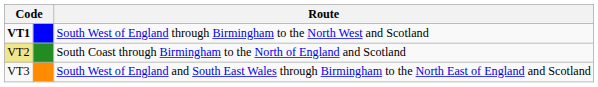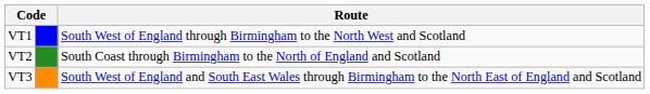 <table class="wikitable">
 <tr>
 <th colspan="2">Code</th>
 <th>Route</th>
 </tr>
 <tr>
-<td><strong>VT1</strong></td>
+<td>VT1</td>
 <td style="background:blue; width:20px;"></td>
 <td><a href='#'>South West of England</a> through <a href='#'>Birmingham</a> to the <a href='#'>North West</a> and Scotland</td>
 </tr>
 <tr>
-<td style="background: khaki;">VT2</td>
+<td>VT2</td>
 <td style="background:#228b22; width:20px;"></td>
 <td>South Coast through <a href='#'>Birmingham</a> to the <a href='#'>North of England</a> and Scotland</td>
 </tr>
 <tr>
 <td>VT3</td>
 <td style="background:#ff8c00; width:20px;"></td>
 <td><a href='#'>South West of England</a> and <a href='#'>South East Wales</a> through <a href='#'>Birmingham</a> to the <a href='#'>North East of England</a> and Scotland</td>
 </tr>
 </table>
